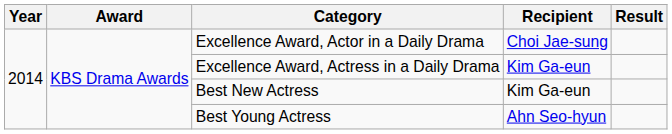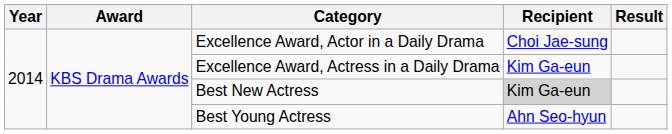 <table class="wikitable">
 <tr>
 <th>Year</th>
 <th>Award</th>
 <th>Category</th>
 <th>Recipient</th>
 <th>Result</th>
 </tr>
 <tr>
 <td rowspan=4>2014</td>
 <td rowspan=4><a href='#'>KBS Drama Awards</a></td>
 <td>Excellence Award, Actor in a Daily Drama</td>
 <td><a href='#'>Choi Jae-sung</a></td>
 <td></td>
 </tr>
 <tr>
 <td>Excellence Award, Actress in a Daily Drama</td>
 <td><a href='#'>Kim Ga-eun</a></td>
 <td></td>
 </tr>
 <tr>
 <td>Best New Actress</td>
-<td>Kim Ga-eun</td>
+<td style="background: lightgrey;">Kim Ga-eun</td>
 <td></td>
 </tr>
 <tr>
 <td>Best Young Actress</td>
 <td><a href='#'>Ahn Seo-hyun</a></td>
 <td></td>
 </tr>
 </table>
